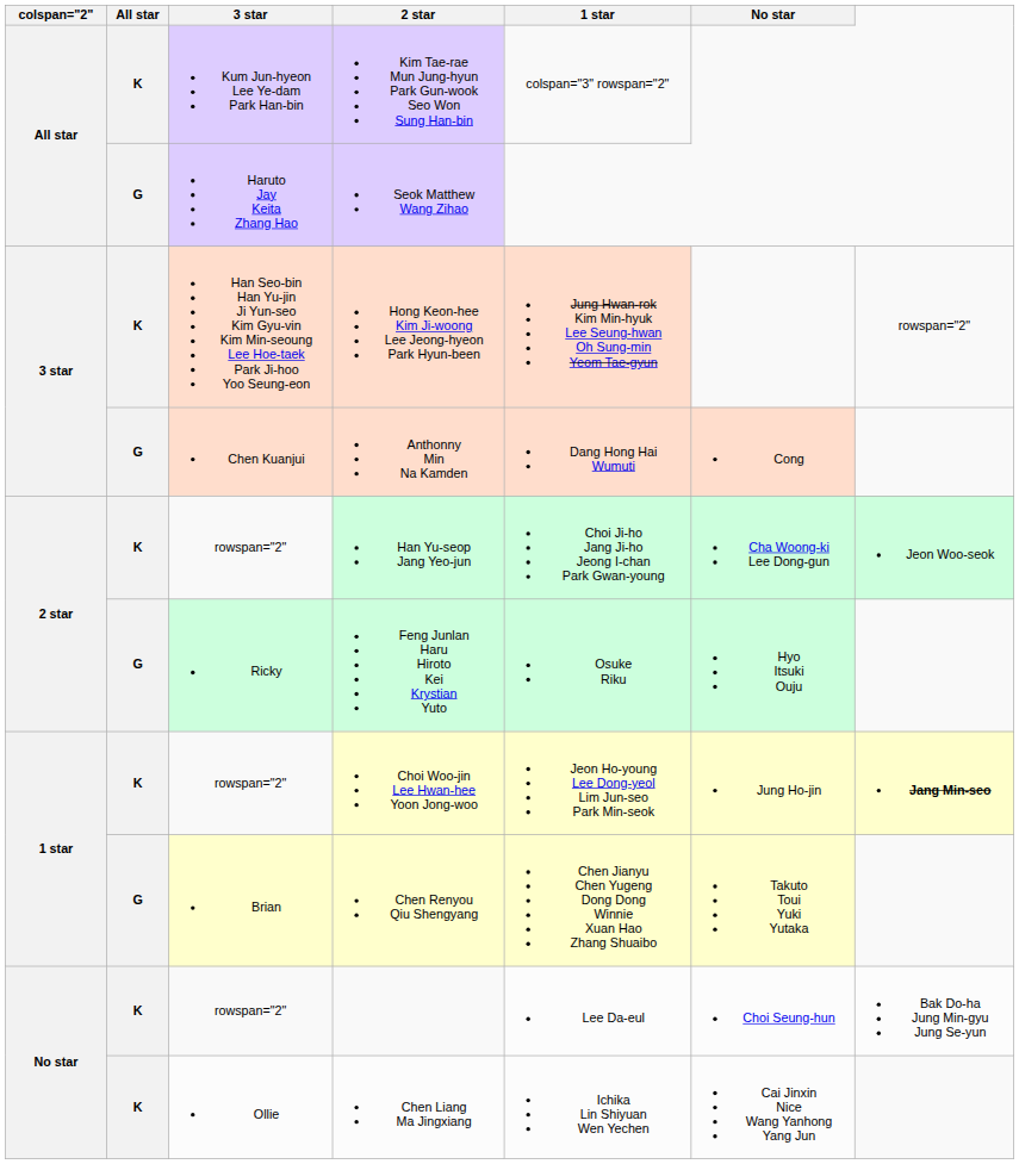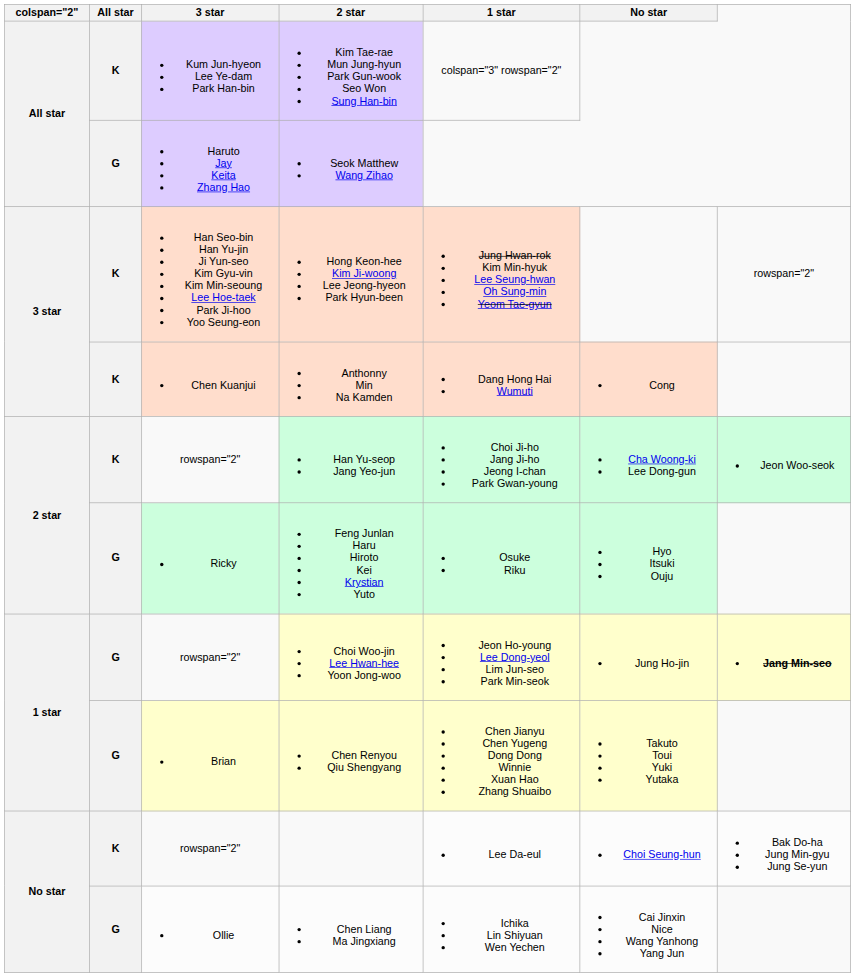 <table class="wikitable collapsible" style="width:100%; text-align:center">
 <tr>
 <th>colspan="2" </th>
 <th>All star</th>
 <th>3 star</th>
 <th>2 star</th>
 <th>1 star</th>
 <th>No star</th>
 </tr>
 <tr>
 <th rowspan="2">All star</th>
 <th>K</th>
 <td style="background:#DDCCFF"><br><ul><li>Kum Jun-hyeon </li><li>Lee Ye-dam </li><li>Park Han-bin </li></ul></td>
 <td style="background:#DDCCFF"><br><ul><li>Kim Tae-rae </li><li>Mun Jung-hyun </li><li>Park Gun-wook </li><li>Seo Won </li><li><a href='#'>Sung Han-bin</a> </li></ul></td>
 <td>colspan="3" rowspan="2" </td>
 </tr>
 <tr>
 <th>G</th>
 <td style="background:#DDCCFF"><br><ul><li>Haruto </li><li><a href='#'>Jay</a> </li><li><a href='#'>Keita</a> </li><li><a href='#'>Zhang Hao</a> </li></ul></td>
 <td style="background:#DDCCFF"><br><ul><li>Seok Matthew </li><li><a href='#'>Wang Zihao</a> </li></ul></td>
 </tr>
 <tr>
 <th rowspan="2">3 star</th>
 <th>K</th>
 <td style="background:#FFDDCC"><br><ul><li>Han Seo-bin </li><li>Han Yu-jin </li><li>Ji Yun-seo </li><li>Kim Gyu-vin </li><li>Kim Min-seoung </li><li><a href='#'>Lee Hoe-taek</a> </li><li>Park Ji-hoo </li><li>Yoo Seung-eon </li></ul></td>
 <td style="background:#FFDDCC"><br><ul><li>Hong Keon-hee </li><li><a href='#'>Kim Ji-woong</a> </li><li>Lee Jeong-hyeon </li><li>Park Hyun-been </li></ul></td>
 <td style="background:#FFDDCC"><br><ul><li><s>Jung Hwan-rok</s> </li><li>Kim Min-hyuk </li><li><a href='#'>Lee Seung-hwan</a> </li><li><a href='#'>Oh Sung-min</a> </li><li><s><a href='#'>Yeom Tae-gyun</a></s> </li></ul></td>
 <td></td>
 <td>rowspan="2" </td>
 </tr>
 <tr>
-<th>G</th>
+<th>K</th>
 <td style="background:#FFDDCC"><br><ul><li>Chen Kuanjui </li></ul></td>
 <td style="background:#FFDDCC"><br><ul><li>Anthonny </li><li>Min </li><li>Na Kamden </li></ul></td>
 <td style="background:#FFDDCC"><br><ul><li>Dang Hong Hai </li><li><a href='#'>Wumuti</a> </li></ul></td>
 <td style="background:#FFDDCC"><br><ul><li>Cong </li></ul></td>
 </tr>
 <tr>
 <th rowspan="2">2 star</th>
 <th>K</th>
 <td>rowspan="2" </td>
 <td style="background:#CCFFDD"><br><ul><li>Han Yu-seop </li><li>Jang Yeo-jun </li></ul></td>
 <td style="background:#CCFFDD"><br><ul><li>Choi Ji-ho </li><li>Jang Ji-ho </li><li>Jeong I-chan </li><li>Park Gwan-young </li></ul></td>
 <td style="background:#CCFFDD"><br><ul><li><a href='#'>Cha Woong-ki</a> </li><li>Lee Dong-gun </li></ul></td>
 <td style="background:#CCFFDD"><br><ul><li>Jeon Woo-seok </li></ul></td>
 </tr>
 <tr>
 <th>G</th>
 <td style="background:#CCFFDD"><br><ul><li>Ricky </li></ul></td>
 <td style="background:#CCFFDD"><br><ul><li>Feng Junlan </li><li>Haru </li><li>Hiroto </li><li>Kei </li><li><a href='#'>Krystian</a> </li><li>Yuto </li></ul></td>
 <td style="background:#CCFFDD"><br><ul><li>Osuke </li><li>Riku </li></ul></td>
 <td style="background:#CCFFDD"><br><ul><li>Hyo </li><li>Itsuki </li><li>Ouju </li></ul></td>
 </tr>
 <tr>
 <th rowspan="2">1 star</th>
-<th>K</th>
+<th>G</th>
 <td>rowspan="2" </td>
 <td style="background:#FFFFCC"><br><ul><li>Choi Woo-jin </li><li><a href='#'>Lee Hwan-hee</a> </li><li>Yoon Jong-woo </li></ul></td>
 <td style="background:#FFFFCC"><br><ul><li>Jeon Ho-young </li><li><a href='#'>Lee Dong-yeol</a> </li><li>Lim Jun-seo </li><li>Park Min-seok </li></ul></td>
 <td style="background:#FFFFCC"><br><ul><li>Jung Ho-jin </li></ul></td>
 <td style="background:#FFFFCC"><strong><br><ul><li><s>Jang Min-seo</s> </li></ul></strong></td>
 </tr>
 <tr>
 <th>G</th>
 <td style="background:#FFFFCC"><br><ul><li>Brian </li></ul></td>
 <td style="background:#FFFFCC"><br><ul><li>Chen Renyou </li><li>Qiu Shengyang </li></ul></td>
 <td style="background:#FFFFCC"><br><ul><li>Chen Jianyu </li><li>Chen Yugeng </li><li>Dong Dong </li><li>Winnie </li><li>Xuan Hao </li><li>Zhang Shuaibo </li></ul></td>
 <td style="background:#FFFFCC"><br><ul><li>Takuto </li><li>Toui </li><li>Yuki </li><li>Yutaka </li></ul></td>
 </tr>
 <tr>
 <th rowspan="2">No star</th>
 <th>K</th>
 <td>rowspan="2" </td>
 <td></td>
 <td style="background:#FCFCFC"><br><ul><li>Lee Da-eul </li></ul></td>
 <td style="background:#FCFCFC"><br><ul><li><a href='#'>Choi Seung-hun</a> </li></ul></td>
 <td style="background:#FCFCFC"><br><ul><li>Bak Do-ha </li><li>Jung Min-gyu </li><li>Jung Se-yun </li></ul></td>
 </tr>
 <tr>
-<th>K</th>
+<th>G</th>
 <td style="background:#FCFCFC"><br><ul><li>Ollie </li></ul></td>
 <td style="background:#FCFCFC"><br><ul><li>Chen Liang </li><li>Ma Jingxiang </li></ul></td>
 <td style="background:#FCFCFC"><br><ul><li>Ichika </li><li>Lin Shiyuan </li><li>Wen Yechen </li></ul></td>
 <td style="background:#FCFCFC"><br><ul><li>Cai Jinxin </li><li>Nice </li><li>Wang Yanhong </li><li>Yang Jun </li></ul></td>
 </tr>
 </table>
